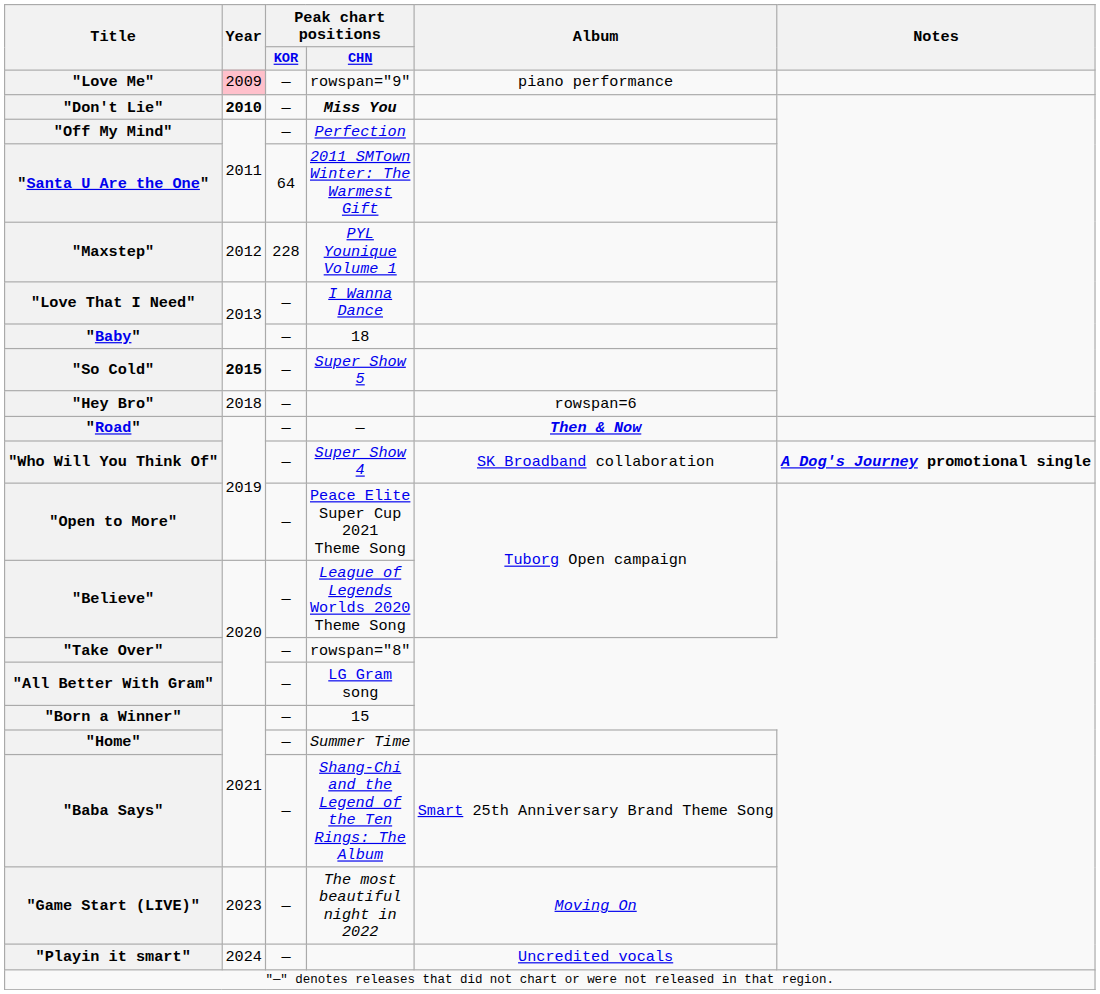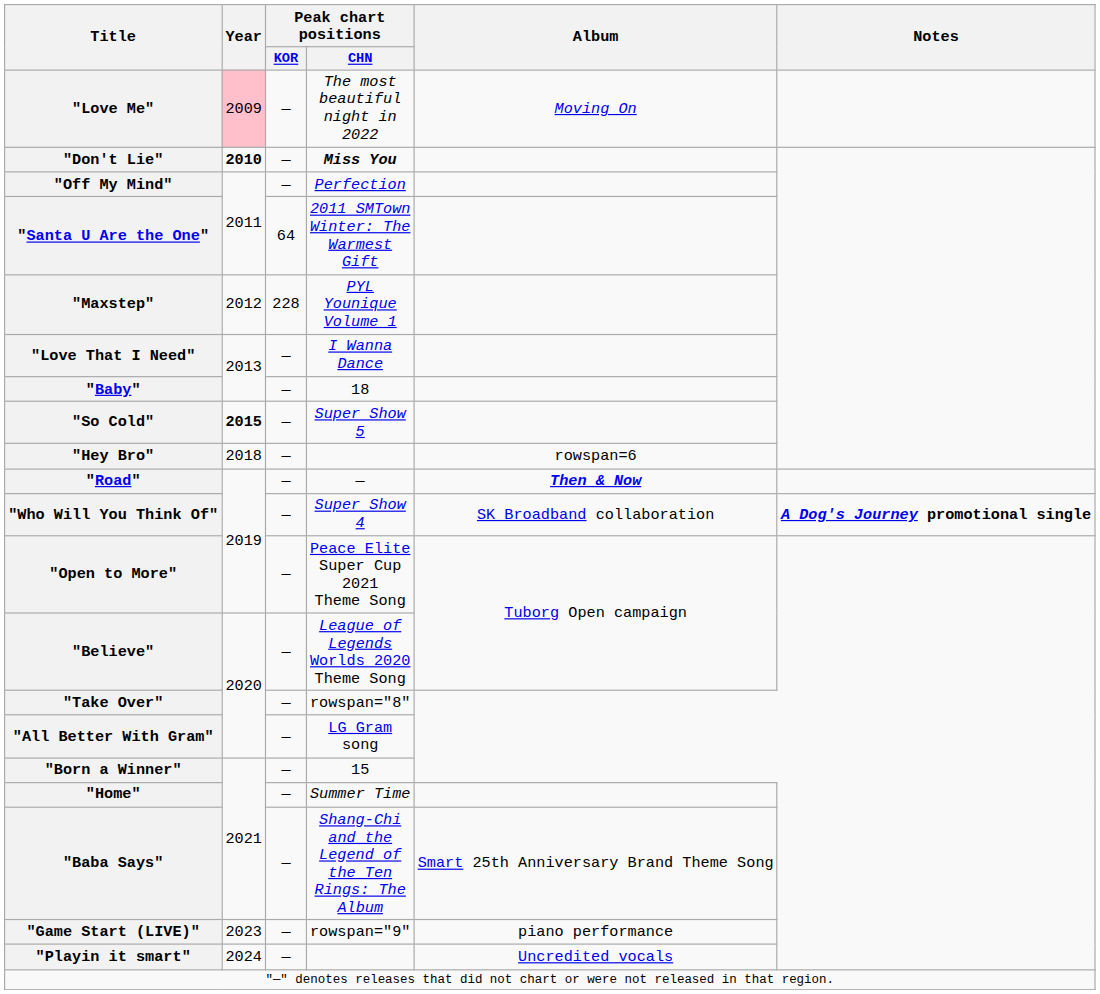 <table class="wikitable plainrowheaders" style="text-align:center;">
 <tr>
 <th rowspan="2">Title</th>
 <th rowspan="2">Year</th>
 <th colspan="2">Peak chart positions</th>
 <th rowspan="2">Album</th>
 <th rowspan="2">Notes</th>
 </tr>
 <tr>
 <th style="width:2.5em;font-size:90%;"><a href='#'>KOR</a><br></th>
 <th style="width:2.5em;font-size:90%;"><a href='#'>CHN</a><br></th>
 </tr>
 <tr>
 <th scope="row">"Love Me" </th>
 <td style="background: pink;">2009</td>
 <td>—</td>
-<td>rowspan="9" </td>
-<td>piano performance</td>
+<td><em>The most beautiful night in 2022</em></td>
+<td><em><a href='#'>Moving On</a></em></td>
 <td></td>
 </tr>
 <tr>
 <th scope="row">"Don't Lie" </th>
 <td><strong>2010</strong></td>
 <td>—</td>
 <td><strong><em>Miss You</em></strong></td>
 <td></td>
 </tr>
 <tr>
 <th scope="row">"Off My Mind" </th>
 <td rowspan=2>2011</td>
 <td>—</td>
 <td><em><a href='#'>Perfection</a></em></td>
 <td></td>
 </tr>
 <tr>
 <th scope="row">"<a href='#'>Santa U Are the One</a>" </th>
 <td>64</td>
 <td><em><a href='#'>2011 SMTown<br>Winter: The Warmest Gift</a></em></td>
 <td></td>
 </tr>
 <tr>
 <th scope="row">"Maxstep" </th>
 <td>2012</td>
 <td>228</td>
 <td><em><a href='#'>PYL Younique Volume 1</a></em></td>
 <td></td>
 </tr>
 <tr>
 <th scope="row">"Love That I Need" </th>
 <td rowspan=2>2013</td>
 <td>—</td>
 <td><em><a href='#'>I Wanna Dance</a></em></td>
 <td></td>
 </tr>
 <tr>
 <th scope="row">"<a href='#'>Baby</a>"</th>
 <td>—</td>
 <td>18</td>
 <td></td>
 </tr>
 <tr>
 <th scope="row">"So Cold" </th>
 <td><strong>2015</strong></td>
 <td>—</td>
 <td><em><a href='#'>Super Show 5</a></em></td>
 <td></td>
 </tr>
 <tr>
 <th scope=row>"Hey Bro"</th>
 <td>2018</td>
 <td>—</td>
 <td></td>
 <td>rowspan=6 </td>
 </tr>
 <tr>
 <th scope=row>"<a href='#'>Road</a>" </th>
 <td rowspan="3">2019</td>
 <td>—</td>
 <td>—</td>
 <td><strong><em><a href='#'>Then & Now</a></em></strong></td>
 <td></td>
 </tr>
 <tr>
 <th scope="row">"Who Will You Think Of" </th>
 <td>—</td>
 <td><em><a href='#'>Super Show 4</a></em></td>
 <td><a href='#'>SK Broadband</a> collaboration</td>
 <td><strong><em><a href='#'>A Dog's Journey</a></em> promotional single</strong></td>
 </tr>
 <tr>
 <th scope=row>"Open to More" </th>
 <td>—</td>
 <td><a href='#'>Peace Elite</a> Super Cup 2021<br>Theme Song</td>
 <td rowspan="2"><a href='#'>Tuborg</a> Open campaign</td>
 </tr>
 <tr>
 <th scope=row>"Believe" </th>
 <td rowspan="3">2020</td>
 <td>—</td>
 <td><a href='#'><em>League of Legends</em> Worlds 2020</a><br>Theme Song</td>
 </tr>
 <tr>
 <th scope="row">"Take Over" </th>
 <td>—</td>
 <td>rowspan="8" </td>
 </tr>
 <tr>
 <th scope="row">"All Better With Gram"</th>
 <td>—</td>
 <td><a href='#'>LG Gram</a> song</td>
 </tr>
 <tr>
 <th scope="row">"Born a Winner"</th>
 <td rowspan=3>2021</td>
 <td>—</td>
 <td>15</td>
 </tr>
 <tr>
 <th scope="row">"Home" </th>
 <td>—</td>
 <td><em>Summer Time</em></td>
 <td></td>
 </tr>
 <tr>
 <th scope="row">"Baba Says" </th>
 <td>—</td>
 <td><em><a href='#'>Shang-Chi and the Legend of<br>the Ten Rings: The Album</a></em></td>
 <td><a href='#'>Smart</a> 25th Anniversary Brand Theme Song</td>
 </tr>
 <tr>
 <th scope="row">"Game Start (LIVE)" </th>
 <td>2023</td>
 <td>—</td>
-<td><em>The most beautiful night in 2022</em></td>
-<td><em><a href='#'>Moving On</a></em></td>
+<td>rowspan="9" </td>
+<td>piano performance</td>
 </tr>
 <tr>
 <th scope="row">"Playin it smart"</th>
 <td>2024</td>
 <td>—</td>
 <td></td>
 <td><a href='#'>Uncredited vocals</a></td>
 </tr>
 <tr>
 <td colspan="7" style="font-size:8pt;">"—" denotes releases that did not chart or were not released in that region.</td>
 </tr>
 </table>
